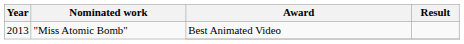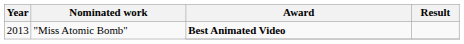 <table class="wikitable">
 <tr>
 <th>Year</th>
 <th width="220">Nominated work</th>
 <th width="325">Award</th>
 <th width="62">Result</th>
 </tr>
 <tr>
 <td rowspan="2">2013</td>
 <td rowspan="2">"Miss Atomic Bomb"</td>
-<td>Best Animated Video</td>
+<td><strong>Best Animated Video</strong></td>
 <td></td>
 </tr>
 <tr>
 </tr>
 </table>
